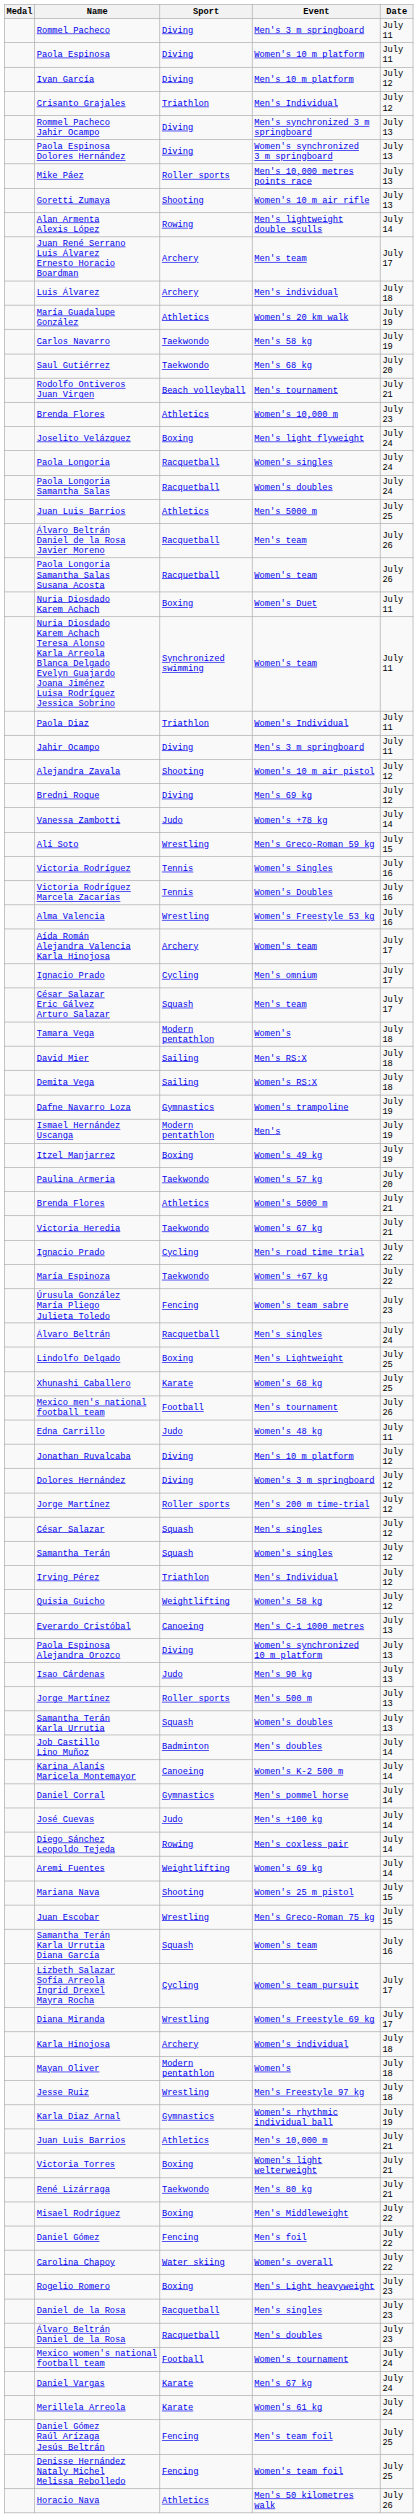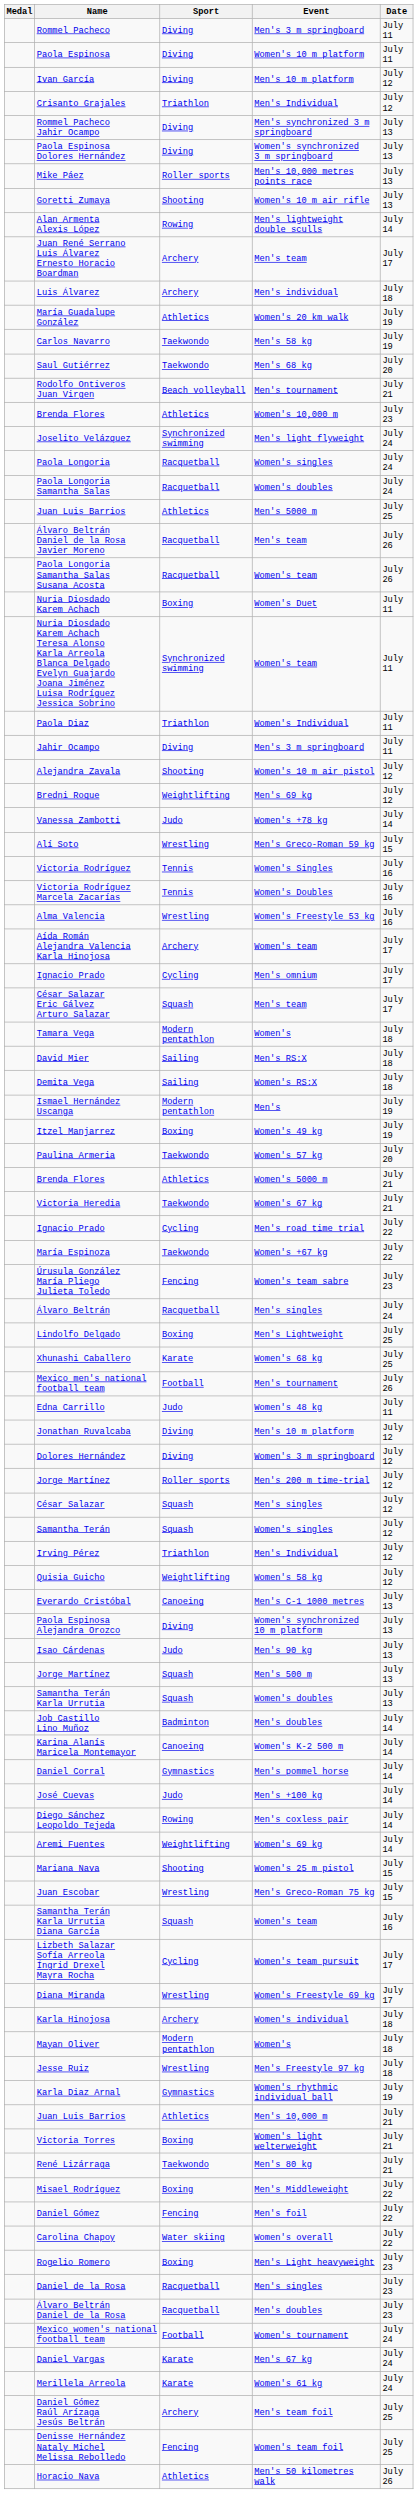 <table class="wikitable sortable" border="1" style="size:95%">
 <tr>
 <th>Medal</th>
 <th>Name</th>
 <th>Sport</th>
 <th>Event</th>
 <th>Date</th>
 </tr>
 <tr>
 <td></td>
 <td><a href='#'>Rommel Pacheco</a></td>
 <td><a href='#'>Diving</a></td>
 <td><a href='#'>Men's 3 m springboard</a></td>
 <td>July 11</td>
 </tr>
 <tr>
 <td></td>
 <td><a href='#'>Paola Espinosa</a></td>
 <td><a href='#'>Diving</a></td>
 <td><a href='#'>Women's 10 m platform</a></td>
 <td>July 11</td>
 </tr>
 <tr>
 <td></td>
 <td><a href='#'>Ivan García</a></td>
 <td><a href='#'>Diving</a></td>
 <td><a href='#'>Men's 10 m platform</a></td>
 <td>July 12</td>
 </tr>
 <tr>
 <td></td>
 <td><a href='#'>Crisanto Grajales</a></td>
 <td><a href='#'>Triathlon</a></td>
 <td><a href='#'>Men's Individual</a></td>
 <td>July 12</td>
 </tr>
 <tr>
 <td></td>
 <td><a href='#'>Rommel Pacheco</a><br><a href='#'>Jahir Ocampo</a></td>
 <td><a href='#'>Diving</a></td>
 <td><a href='#'>Men's synchronized 3 m springboard</a></td>
 <td>July 13</td>
 </tr>
 <tr>
 <td></td>
 <td><a href='#'>Paola Espinosa</a><br><a href='#'>Dolores Hernández</a></td>
 <td><a href='#'>Diving</a></td>
 <td><a href='#'>Women's synchronized 3 m springboard</a></td>
 <td>July 13</td>
 </tr>
 <tr>
 <td></td>
 <td><a href='#'>Mike Páez</a></td>
 <td><a href='#'>Roller sports</a></td>
 <td><a href='#'>Men's 10,000 metres points race</a></td>
 <td>July 13</td>
 </tr>
 <tr>
 <td></td>
 <td><a href='#'>Goretti Zumaya</a></td>
 <td><a href='#'>Shooting</a></td>
 <td><a href='#'>Women's 10 m air rifle</a></td>
 <td>July 13</td>
 </tr>
 <tr>
 <td></td>
 <td><a href='#'>Alan Armenta</a><br><a href='#'>Alexis López</a></td>
 <td><a href='#'>Rowing</a></td>
 <td><a href='#'>Men's lightweight double sculls</a></td>
 <td>July 14</td>
 </tr>
 <tr>
 <td></td>
 <td><a href='#'>Juan René Serrano</a><br><a href='#'>Luis Álvarez</a><br><a href='#'>Ernesto Horacio Boardman</a></td>
 <td><a href='#'>Archery</a></td>
 <td><a href='#'>Men's team</a></td>
 <td>July 17</td>
 </tr>
 <tr>
 <td></td>
 <td><a href='#'>Luis Álvarez</a></td>
 <td><a href='#'>Archery</a></td>
 <td><a href='#'>Men's individual</a></td>
 <td>July 18</td>
 </tr>
 <tr>
 <td></td>
 <td><a href='#'>María Guadalupe González</a></td>
 <td><a href='#'>Athletics</a></td>
 <td><a href='#'>Women's 20 km walk</a></td>
 <td>July 19</td>
 </tr>
 <tr>
 <td></td>
 <td><a href='#'>Carlos Navarro</a></td>
 <td><a href='#'>Taekwondo</a></td>
 <td><a href='#'>Men's 58 kg</a></td>
 <td>July 19</td>
 </tr>
 <tr>
 <td></td>
 <td><a href='#'>Saul Gutiérrez</a></td>
 <td><a href='#'>Taekwondo</a></td>
 <td><a href='#'>Men's 68 kg</a></td>
 <td>July 20</td>
 </tr>
 <tr>
 <td></td>
 <td><a href='#'>Rodolfo Ontiveros</a><br><a href='#'>Juan Virgen</a></td>
 <td><a href='#'>Beach volleyball</a></td>
 <td><a href='#'>Men's tournament</a></td>
 <td>July 21</td>
 </tr>
 <tr>
 <td></td>
 <td><a href='#'>Brenda Flores</a></td>
 <td><a href='#'>Athletics</a></td>
 <td><a href='#'>Women's 10,000 m</a></td>
 <td>July 23</td>
 </tr>
 <tr>
 <td></td>
 <td><a href='#'>Joselito Velázquez</a></td>
-<td><a href='#'>Boxing</a></td>
+<td><a href='#'>Synchronized swimming</a></td>
 <td><a href='#'>Men's light flyweight</a></td>
 <td>July 24</td>
 </tr>
 <tr>
 <td></td>
 <td><a href='#'>Paola Longoria</a></td>
 <td><a href='#'>Racquetball</a></td>
 <td><a href='#'>Women's singles</a></td>
 <td>July 24</td>
 </tr>
 <tr>
 <td></td>
 <td><a href='#'>Paola Longoria</a><br><a href='#'>Samantha Salas</a></td>
 <td><a href='#'>Racquetball</a></td>
 <td><a href='#'>Women's doubles</a></td>
 <td>July 24</td>
 </tr>
 <tr>
 <td></td>
 <td><a href='#'>Juan Luis Barrios</a></td>
 <td><a href='#'>Athletics</a></td>
 <td><a href='#'>Men's 5000 m</a></td>
 <td>July 25</td>
 </tr>
 <tr>
 <td></td>
 <td><a href='#'>Álvaro Beltrán</a><br><a href='#'>Daniel de la Rosa</a><br><a href='#'>Javier Moreno</a></td>
 <td><a href='#'>Racquetball</a></td>
 <td><a href='#'>Men's team</a></td>
 <td>July 26</td>
 </tr>
 <tr>
 <td></td>
 <td><a href='#'>Paola Longoria</a><br><a href='#'>Samantha Salas</a><br><a href='#'>Susana Acosta</a></td>
 <td><a href='#'>Racquetball</a></td>
 <td><a href='#'>Women's team</a></td>
 <td>July 26</td>
 </tr>
 <tr>
 <td></td>
 <td><a href='#'>Nuria Diosdado</a><br><a href='#'>Karem Achach</a></td>
 <td><a href='#'>Boxing</a></td>
 <td><a href='#'>Women's Duet</a></td>
 <td>July 11</td>
 </tr>
 <tr>
 <td></td>
 <td><a href='#'>Nuria Diosdado</a><br><a href='#'>Karem Achach</a><br><a href='#'>Teresa Alonso</a><br><a href='#'>Karla Arreola</a><br><a href='#'>Blanca Delgado</a><br><a href='#'>Evelyn Guajardo</a><br><a href='#'>Joana Jiménez</a><br><a href='#'>Luisa Rodríguez</a><br><a href='#'>Jessica Sobrino</a></td>
 <td><a href='#'>Synchronized swimming</a></td>
 <td><a href='#'>Women's team</a></td>
 <td>July 11</td>
 </tr>
 <tr>
 <td></td>
 <td><a href='#'>Paola Diaz</a></td>
 <td><a href='#'>Triathlon</a></td>
 <td><a href='#'>Women's Individual</a></td>
 <td>July 11</td>
 </tr>
 <tr>
 <td></td>
 <td><a href='#'>Jahir Ocampo</a></td>
 <td><a href='#'>Diving</a></td>
 <td><a href='#'>Men's 3 m springboard</a></td>
 <td>July 11</td>
 </tr>
 <tr>
 <td></td>
 <td><a href='#'>Alejandra Zavala</a></td>
 <td><a href='#'>Shooting</a></td>
 <td><a href='#'>Women's 10 m air pistol</a></td>
 <td>July 12</td>
 </tr>
 <tr>
 <td></td>
 <td><a href='#'>Bredni Roque</a></td>
-<td><a href='#'>Diving</a></td>
+<td><a href='#'>Weightlifting</a></td>
 <td><a href='#'>Men's 69 kg</a></td>
 <td>July 12</td>
 </tr>
 <tr>
 <td></td>
 <td><a href='#'>Vanessa Zambotti</a></td>
 <td><a href='#'>Judo</a></td>
 <td><a href='#'>Women's +78 kg</a></td>
 <td>July 14</td>
 </tr>
 <tr>
 <td></td>
 <td><a href='#'>Alí Soto</a></td>
 <td><a href='#'>Wrestling</a></td>
 <td><a href='#'>Men's Greco-Roman 59 kg</a></td>
 <td>July 15</td>
 </tr>
 <tr>
 <td></td>
 <td><a href='#'>Victoria Rodríguez</a></td>
 <td><a href='#'>Tennis</a></td>
 <td><a href='#'>Women's Singles</a></td>
 <td>July 16</td>
 </tr>
 <tr>
 <td></td>
 <td><a href='#'>Victoria Rodríguez</a><br><a href='#'>Marcela Zacarías</a></td>
 <td><a href='#'>Tennis</a></td>
 <td><a href='#'>Women's Doubles</a></td>
 <td>July 16</td>
 </tr>
 <tr>
 <td></td>
 <td><a href='#'>Alma Valencia</a></td>
 <td><a href='#'>Wrestling</a></td>
 <td><a href='#'>Women's Freestyle 53 kg</a></td>
 <td>July 16</td>
 </tr>
 <tr>
 <td></td>
 <td><a href='#'>Aída Román</a><br><a href='#'>Alejandra Valencia</a><br><a href='#'>Karla Hinojosa</a></td>
 <td><a href='#'>Archery</a></td>
 <td><a href='#'>Women's team</a></td>
 <td>July 17</td>
 </tr>
 <tr>
 <td></td>
 <td><a href='#'>Ignacio Prado</a></td>
 <td><a href='#'>Cycling</a></td>
 <td><a href='#'>Men's omnium</a></td>
 <td>July 17</td>
 </tr>
 <tr>
 <td></td>
 <td><a href='#'>César Salazar</a><br><a href='#'>Eric Gálvez</a><br><a href='#'>Arturo Salazar</a></td>
 <td><a href='#'>Squash</a></td>
 <td><a href='#'>Men's team</a></td>
 <td>July 17</td>
 </tr>
 <tr>
 <td></td>
 <td><a href='#'>Tamara Vega</a></td>
 <td><a href='#'>Modern pentathlon</a></td>
 <td><a href='#'>Women's</a></td>
 <td>July 18</td>
 </tr>
 <tr>
 <td></td>
 <td><a href='#'>David Mier</a></td>
 <td><a href='#'>Sailing</a></td>
 <td><a href='#'>Men's RS:X</a></td>
 <td>July 18</td>
 </tr>
 <tr>
 <td></td>
 <td><a href='#'>Demita Vega</a></td>
 <td><a href='#'>Sailing</a></td>
 <td><a href='#'>Women's RS:X</a></td>
 <td>July 18</td>
-</tr>
-<tr>
-<td></td>
-<td><a href='#'>Dafne Navarro Loza</a></td>
-<td><a href='#'>Gymnastics</a></td>
-<td><a href='#'>Women's trampoline</a></td>
-<td>July 19</td>
 </tr>
 <tr>
 <td></td>
 <td><a href='#'>Ismael Hernández Uscanga</a></td>
 <td><a href='#'>Modern pentathlon</a></td>
 <td><a href='#'>Men's</a></td>
 <td>July 19</td>
 </tr>
 <tr>
 <td></td>
 <td><a href='#'>Itzel Manjarrez</a></td>
 <td><a href='#'>Boxing</a></td>
 <td><a href='#'>Women's 49 kg</a></td>
 <td>July 19</td>
 </tr>
 <tr>
 <td></td>
 <td><a href='#'>Paulina Armeria</a></td>
 <td><a href='#'>Taekwondo</a></td>
 <td><a href='#'>Women's 57 kg</a></td>
 <td>July 20</td>
 </tr>
 <tr>
 <td></td>
 <td><a href='#'>Brenda Flores</a></td>
 <td><a href='#'>Athletics</a></td>
 <td><a href='#'>Women's 5000 m</a></td>
 <td>July 21</td>
 </tr>
 <tr>
 <td></td>
 <td><a href='#'>Victoria Heredia</a></td>
 <td><a href='#'>Taekwondo</a></td>
 <td><a href='#'>Women's 67 kg</a></td>
 <td>July 21</td>
 </tr>
 <tr>
 <td></td>
 <td><a href='#'>Ignacio Prado</a></td>
 <td><a href='#'>Cycling</a></td>
 <td><a href='#'>Men's road time trial</a></td>
 <td>July 22</td>
 </tr>
 <tr>
 <td></td>
 <td><a href='#'>María Espinoza</a></td>
 <td><a href='#'>Taekwondo</a></td>
 <td><a href='#'>Women's +67 kg</a></td>
 <td>July 22</td>
 </tr>
 <tr>
 <td></td>
 <td><a href='#'>Úrusula González</a><br><a href='#'>María Pliego</a><br><a href='#'>Julieta Toledo</a></td>
 <td><a href='#'>Fencing</a></td>
 <td><a href='#'>Women's team sabre</a></td>
 <td>July 23</td>
 </tr>
 <tr>
 <td></td>
 <td><a href='#'>Álvaro Beltrán</a></td>
 <td><a href='#'>Racquetball</a></td>
 <td><a href='#'>Men's singles</a></td>
 <td>July 24</td>
 </tr>
 <tr>
 <td></td>
 <td><a href='#'>Lindolfo Delgado</a></td>
 <td><a href='#'>Boxing</a></td>
 <td><a href='#'>Men's Lightweight</a></td>
 <td>July 25</td>
 </tr>
 <tr>
 <td></td>
 <td><a href='#'>Xhunashi Caballero</a></td>
 <td><a href='#'>Karate</a></td>
 <td><a href='#'>Women's 68 kg</a></td>
 <td>July 25</td>
 </tr>
 <tr>
 <td></td>
 <td><a href='#'>Mexico men's national football team</a><br></td>
 <td><a href='#'>Football</a></td>
 <td><a href='#'>Men's tournament</a></td>
 <td>July 26</td>
 </tr>
 <tr>
 <td></td>
 <td><a href='#'>Edna Carrillo</a></td>
 <td><a href='#'>Judo</a></td>
 <td><a href='#'>Women's 48 kg</a></td>
 <td>July 11</td>
 </tr>
 <tr>
 <td></td>
 <td><a href='#'>Jonathan Ruvalcaba</a></td>
 <td><a href='#'>Diving</a></td>
 <td><a href='#'>Men's 10 m platform</a></td>
 <td>July 12</td>
 </tr>
 <tr>
 <td></td>
 <td><a href='#'>Dolores Hernández</a></td>
 <td><a href='#'>Diving</a></td>
 <td><a href='#'>Women's 3 m springboard</a></td>
 <td>July 12</td>
 </tr>
 <tr>
 <td></td>
 <td><a href='#'>Jorge Martínez</a></td>
 <td><a href='#'>Roller sports</a></td>
 <td><a href='#'>Men's 200 m time-trial</a></td>
 <td>July 12</td>
 </tr>
 <tr>
 <td></td>
 <td><a href='#'>César Salazar</a></td>
 <td><a href='#'>Squash</a></td>
 <td><a href='#'>Men's singles</a></td>
 <td>July 12</td>
 </tr>
 <tr>
 <td></td>
 <td><a href='#'>Samantha Terán</a></td>
 <td><a href='#'>Squash</a></td>
 <td><a href='#'>Women's singles</a></td>
 <td>July 12</td>
 </tr>
 <tr>
 <td></td>
 <td><a href='#'>Irving Pérez</a></td>
 <td><a href='#'>Triathlon</a></td>
 <td><a href='#'>Men's Individual</a></td>
 <td>July 12</td>
 </tr>
 <tr>
 <td></td>
 <td><a href='#'>Quisia Guicho</a></td>
 <td><a href='#'>Weightlifting</a></td>
 <td><a href='#'>Women's 58 kg</a></td>
 <td>July 12</td>
 </tr>
 <tr>
 <td></td>
 <td><a href='#'>Everardo Cristóbal</a></td>
 <td><a href='#'>Canoeing</a></td>
 <td><a href='#'>Men's C-1 1000 metres</a></td>
 <td>July 13</td>
 </tr>
 <tr>
 <td></td>
 <td><a href='#'>Paola Espinosa</a><br><a href='#'>Alejandra Orozco</a></td>
 <td><a href='#'>Diving</a></td>
 <td><a href='#'>Women's synchronized 10 m platform</a></td>
 <td>July 13</td>
 </tr>
 <tr>
 <td></td>
 <td><a href='#'>Isao Cárdenas</a></td>
 <td><a href='#'>Judo</a></td>
 <td><a href='#'>Men's 90 kg</a></td>
 <td>July 13</td>
 </tr>
 <tr>
 <td></td>
 <td><a href='#'>Jorge Martínez</a></td>
-<td><a href='#'>Roller sports</a></td>
+<td><a href='#'>Squash</a></td>
 <td><a href='#'>Men's 500 m</a></td>
 <td>July 13</td>
 </tr>
 <tr>
 <td></td>
 <td><a href='#'>Samantha Terán</a><br><a href='#'>Karla Urrutia</a></td>
 <td><a href='#'>Squash</a></td>
 <td><a href='#'>Women's doubles</a></td>
 <td>July 13</td>
 </tr>
 <tr>
 <td></td>
 <td><a href='#'>Job Castillo</a><br><a href='#'>Lino Muñoz</a></td>
 <td><a href='#'>Badminton</a></td>
 <td><a href='#'>Men's doubles</a></td>
 <td>July 14</td>
 </tr>
 <tr>
 <td></td>
 <td><a href='#'>Karina Alanís</a><br><a href='#'>Maricela Montemayor</a></td>
 <td><a href='#'>Canoeing</a></td>
 <td><a href='#'>Women's K-2 500 m</a></td>
 <td>July 14</td>
 </tr>
 <tr>
 <td></td>
 <td><a href='#'>Daniel Corral</a></td>
 <td><a href='#'>Gymnastics</a></td>
 <td><a href='#'>Men's pommel horse</a></td>
 <td>July 14</td>
 </tr>
 <tr>
 <td></td>
 <td><a href='#'>José Cuevas</a></td>
 <td><a href='#'>Judo</a></td>
 <td><a href='#'>Men's +100 kg</a></td>
 <td>July 14</td>
 </tr>
 <tr>
 <td></td>
 <td><a href='#'>Diego Sánchez</a><br><a href='#'>Leopoldo Tejeda</a></td>
 <td><a href='#'>Rowing</a></td>
 <td><a href='#'>Men's coxless pair</a></td>
 <td>July 14</td>
 </tr>
 <tr>
 <td></td>
 <td><a href='#'>Aremi Fuentes</a></td>
 <td><a href='#'>Weightlifting</a></td>
 <td><a href='#'>Women's 69 kg</a></td>
 <td>July 14</td>
 </tr>
 <tr>
 <td></td>
 <td><a href='#'>Mariana Nava</a></td>
 <td><a href='#'>Shooting</a></td>
 <td><a href='#'>Women's 25 m pistol</a></td>
 <td>July 15</td>
 </tr>
 <tr>
 <td></td>
 <td><a href='#'>Juan Escobar</a></td>
 <td><a href='#'>Wrestling</a></td>
 <td><a href='#'>Men's Greco-Roman 75 kg</a></td>
 <td>July 15</td>
 </tr>
 <tr>
 <td></td>
 <td><a href='#'>Samantha Terán</a><br><a href='#'>Karla Urrutia</a><br><a href='#'>Diana García</a></td>
 <td><a href='#'>Squash</a></td>
 <td><a href='#'>Women's team</a></td>
 <td>July 16</td>
 </tr>
 <tr>
 <td></td>
 <td><a href='#'>Lizbeth Salazar</a><br><a href='#'>Sofía Arreola</a><br><a href='#'>Íngrid Drexel</a><br><a href='#'>Mayra Rocha</a></td>
 <td><a href='#'>Cycling</a></td>
 <td><a href='#'>Women's team pursuit</a></td>
 <td>July 17</td>
 </tr>
 <tr>
 <td></td>
 <td><a href='#'>Diana Miranda</a></td>
 <td><a href='#'>Wrestling</a></td>
 <td><a href='#'>Women's Freestyle 69 kg</a></td>
 <td>July 17</td>
 </tr>
 <tr>
 <td></td>
 <td><a href='#'>Karla Hinojosa</a></td>
 <td><a href='#'>Archery</a></td>
 <td><a href='#'>Women's individual</a></td>
 <td>July 18</td>
 </tr>
 <tr>
 <td></td>
 <td><a href='#'>Mayan Oliver</a></td>
 <td><a href='#'>Modern pentathlon</a></td>
 <td><a href='#'>Women's</a></td>
 <td>July 18</td>
 </tr>
 <tr>
 <td></td>
 <td><a href='#'>Jesse Ruiz</a></td>
 <td><a href='#'>Wrestling</a></td>
 <td><a href='#'>Men's Freestyle 97 kg</a></td>
 <td>July 18</td>
 </tr>
 <tr>
 <td></td>
 <td><a href='#'>Karla Diaz Arnal</a></td>
 <td><a href='#'>Gymnastics</a></td>
 <td><a href='#'>Women's rhythmic individual ball</a></td>
 <td>July 19</td>
 </tr>
 <tr>
 <td></td>
 <td><a href='#'>Juan Luis Barrios</a></td>
 <td><a href='#'>Athletics</a></td>
 <td><a href='#'>Men's 10,000 m</a></td>
 <td>July 21</td>
 </tr>
 <tr>
 <td></td>
 <td><a href='#'>Victoria Torres</a></td>
 <td><a href='#'>Boxing</a></td>
 <td><a href='#'>Women's light welterweight</a></td>
 <td>July 21</td>
 </tr>
 <tr>
 <td></td>
 <td><a href='#'>René Lizárraga</a></td>
 <td><a href='#'>Taekwondo</a></td>
 <td><a href='#'>Men's 80 kg</a></td>
 <td>July 21</td>
 </tr>
 <tr>
 <td></td>
 <td><a href='#'>Misael Rodríguez</a></td>
 <td><a href='#'>Boxing</a></td>
 <td><a href='#'>Men's Middleweight</a></td>
 <td>July 22</td>
 </tr>
 <tr>
 <td></td>
 <td><a href='#'>Daniel Gómez</a></td>
 <td><a href='#'>Fencing</a></td>
 <td><a href='#'>Men's foil</a></td>
 <td>July 22</td>
 </tr>
 <tr>
 <td></td>
 <td><a href='#'>Carolina Chapoy</a></td>
 <td><a href='#'>Water skiing</a></td>
 <td><a href='#'>Women's overall</a></td>
 <td>July 22</td>
 </tr>
 <tr>
 <td></td>
 <td><a href='#'>Rogelio Romero</a></td>
 <td><a href='#'>Boxing</a></td>
 <td><a href='#'>Men's Light heavyweight</a></td>
 <td>July 23</td>
 </tr>
 <tr>
 <td></td>
 <td><a href='#'>Daniel de la Rosa</a></td>
 <td><a href='#'>Racquetball</a></td>
 <td><a href='#'>Men's singles</a></td>
 <td>July 23</td>
 </tr>
 <tr>
 <td></td>
 <td><a href='#'>Álvaro Beltrán</a><br><a href='#'>Daniel de la Rosa</a></td>
 <td><a href='#'>Racquetball</a></td>
 <td><a href='#'>Men's doubles</a></td>
 <td>July 23</td>
 </tr>
 <tr>
 <td></td>
 <td><a href='#'>Mexico women's national football team</a><br></td>
 <td><a href='#'>Football</a></td>
 <td><a href='#'>Women's tournament</a></td>
 <td>July 24</td>
 </tr>
 <tr>
 <td></td>
 <td><a href='#'>Daniel Vargas</a></td>
 <td><a href='#'>Karate</a></td>
 <td><a href='#'>Men's 67 kg</a></td>
 <td>July 24</td>
 </tr>
 <tr>
 <td></td>
 <td><a href='#'>Merillela Arreola</a></td>
 <td><a href='#'>Karate</a></td>
 <td><a href='#'>Women's 61 kg</a></td>
 <td>July 24</td>
 </tr>
 <tr>
 <td></td>
 <td><a href='#'>Daniel Gómez</a><br><a href='#'>Raúl Arízaga</a><br><a href='#'>Jesús Beltrán</a></td>
-<td><a href='#'>Fencing</a></td>
+<td><a href='#'>Archery</a></td>
 <td><a href='#'>Men's team foil</a></td>
 <td>July 25</td>
 </tr>
 <tr>
 <td></td>
 <td><a href='#'>Denisse Hernández</a><br><a href='#'>Nataly Michel</a><br><a href='#'>Melissa Rebolledo</a></td>
 <td><a href='#'>Fencing</a></td>
 <td><a href='#'>Women's team foil</a></td>
 <td>July 25</td>
 </tr>
 <tr>
 <td></td>
 <td><a href='#'>Horacio Nava</a></td>
 <td><a href='#'>Athletics</a></td>
 <td><a href='#'>Men's 50 kilometres walk</a></td>
 <td>July 26</td>
 </tr>
 </table>
